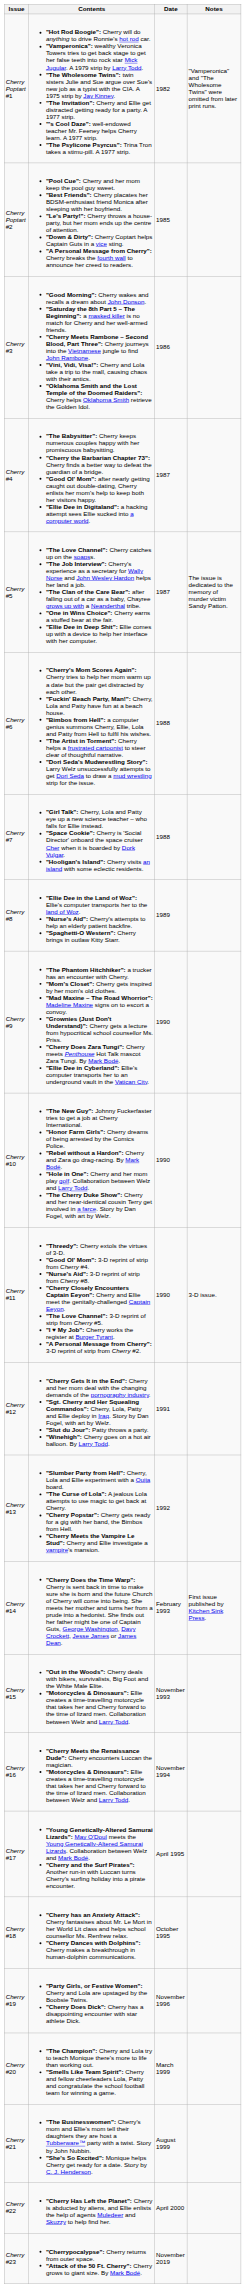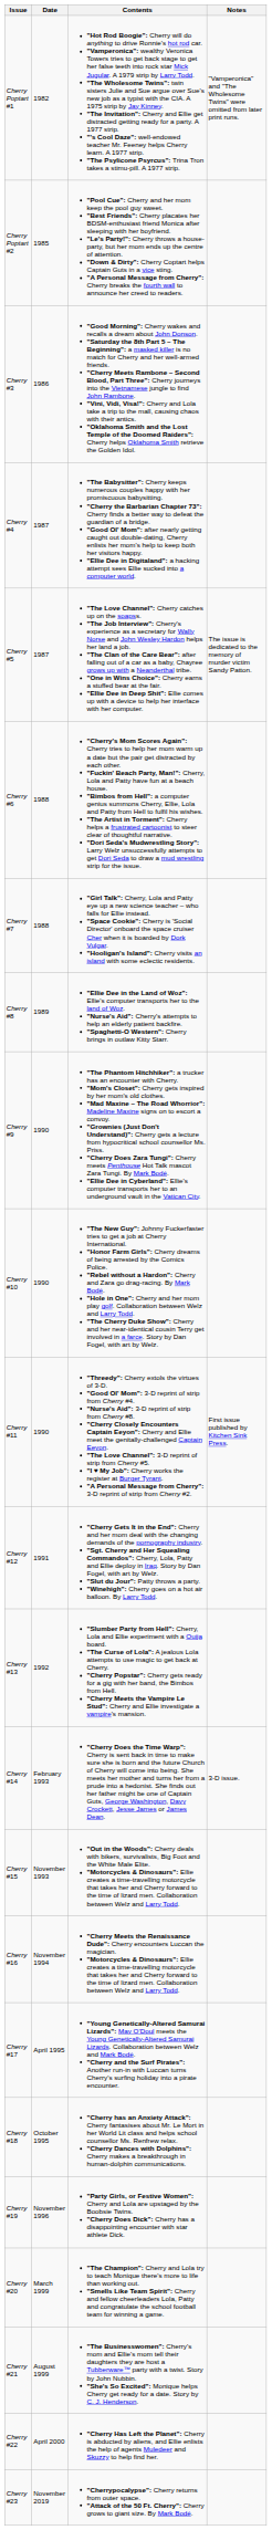 <table class="wikitable mw-collapsible mw-collapsed width="75%">
 <tr>
 <th>Issue</th>
+<th>Date</th>
 <th>Contents</th>
-<th>Date</th>
 <th>Notes</th>
 </tr>
 <tr>
 <td><em>Cherry Poptart</em> #1</td>
+<td>1982</td>
 <td><br><ul><li><strong>"Hot Rod Boogie":</strong> Cherry will do <em>anything</em> to drive Ronnie's <a href='#'>hot rod</a> car.</li><li><strong>"Vamperonica":</strong> wealthy Veronica Towers tries to get back stage to get her false teeth into rock star <a href='#'>Mick Jugular</a>. A 1979 strip by <a href='#'>Larry Todd</a>.</li><li><strong>"The Wholesome Twins":</strong> twin sisters Julie and Sue argue over Sue's new job as a typist with the CIA. A 1975 strip by <a href='#'>Jay Kinney</a>.</li><li><strong>"The Invitation":</strong> Cherry and Ellie get distracted getting ready for a party. A 1977 strip.</li><li><strong>"'s Cool Daze":</strong> well-endowed teacher Mr. Feeney helps Cherry learn. A 1977 strip.</li><li><strong>"The Psylicone Psyrcus":</strong> Trina Tron takes a stimu-pill. A 1977 strip.</li></ul></td>
-<td>1982</td>
 <td>"Vamperonica" and "The Wholesome Twins" were omitted from later print runs.</td>
 </tr>
 <tr>
 <td><em>Cherry Poptart</em> #2</td>
+<td>1985</td>
 <td><br><ul><li><strong>"Pool Cue":</strong> Cherry and her mom keep the pool guy sweet.</li><li><strong>"Best Friends":</strong> Cherry placates her BDSM-enthusiast friend Monica after sleeping with her boyfriend.</li><li><strong>"Le's Party!":</strong> Cherry throws a house-party, but her mom ends up the centre of attention.</li><li><strong>"Down & Dirty":</strong> Cherry Coptart helps Captain Guts in a <a href='#'>vice</a> sting.</li><li><strong>"A Personal Message from Cherry":</strong> Cherry breaks the <a href='#'>fourth wall</a> to announce her creed to readers.</li></ul></td>
-<td>1985</td>
 <td></td>
 </tr>
 <tr>
 <td><em>Cherry</em> #3</td>
+<td>1986</td>
 <td><br><ul><li><strong>"Good Morning":</strong> Cherry wakes and recalls a dream about <a href='#'>John Donson</a>.</li><li><strong>"Saturday the 8th Part 5 – The Beginning":</strong> a <a href='#'>masked killer</a> is no match for Cherry and her well-armed friends.</li><li><strong>"Cherry Meets Rambone – Second Blood, Part Three":</strong> Cherry journeys into the <a href='#'>Vietnamese</a> jungle to find <a href='#'>John Rambone</a>.</li><li><strong>"Vini, Vidi, Visa!":</strong> Cherry and Lola take a trip to the mall, causing chaos with their antics.</li><li><strong>"Oklahoma Smith and the Lost Temple of the Doomed Raiders":</strong> Cherry helps <a href='#'>Oklahoma Smith</a> retrieve the Golden Idol.</li></ul></td>
-<td>1986</td>
 <td></td>
 </tr>
 <tr>
 <td><em>Cherry</em> #4</td>
+<td>1987</td>
 <td><br><ul><li><strong>"The Babysitter":</strong> Cherry keeps numerous couples happy with her promiscuous babysitting.</li><li><strong>"Cherry the Barbarian Chapter 73":</strong> Cherry finds a better way to defeat the guardian of a bridge.</li><li><strong>"Good Ol' Mom":</strong> after nearly getting caught out double-dating, Cherry enlists her mom's help to keep both her visitors happy.</li><li><strong>"Ellie Dee in Digitaland":</strong> a hacking attempt sees Ellie sucked into <a href='#'>a computer world</a>.</li></ul></td>
-<td>1987</td>
 <td></td>
 </tr>
 <tr>
 <td><em>Cherry</em> #5</td>
+<td>1987</td>
 <td><br><ul><li><strong>"The Love Channel":</strong> Cherry catches up on the <a href='#'>soaps</a>s.</li><li><strong>"The Job Interview":</strong> Cherry's experience as a secretary for <a href='#'>Wally Norse</a> and <a href='#'>John Wesley Hardon</a> helps her land a job.</li><li><strong>"The Clan of the Care Bear":</strong> after falling out of a car as a baby, Chayree <a href='#'>grows up with</a> a <a href='#'>Neanderthal</a> tribe.</li><li><strong>"One in Wins Choice":</strong> Cherry earns a stuffed bear at the fair.</li><li><strong>"Ellie Dee in Deep Shit":</strong> Ellie comes up with a device to help her interface with her computer.</li></ul></td>
-<td>1987</td>
 <td>The issue is dedicated to the memory of murder victim Sandy Patton.</td>
 </tr>
 <tr>
 <td><em>Cherry</em> #6</td>
+<td>1988</td>
 <td><br><ul><li><strong>"Cherry's Mom Scores Again":</strong> Cherry tries to help her mom warm up a date but the pair get distracted by each other.</li><li><strong>"Fuckin' Beach Party, Man!":</strong> Cherry, Lola and Patty have fun at a beach house.</li><li><strong>"Bimbos from Hell":</strong> a computer genius summons Cherry, Ellie, Lola and Patty from Hell to fulfil his wishes.</li><li><strong>"The Artist in Torment":</strong> Cherry helps a <a href='#'>frustrated cartoonist</a> to steer clear of thoughtful narrative.</li><li><strong>"Dori Seda's Mudwrestling Story":</strong> Larry Welz unsuccessfully attempts to get <a href='#'>Dori Seda</a> to draw a <a href='#'>mud wrestling</a> strip for the issue.</li></ul></td>
-<td>1988</td>
 <td></td>
 </tr>
 <tr>
 <td><em>Cherry</em> #7</td>
+<td>1988</td>
 <td><br><ul><li><strong>"Girl Talk":</strong> Cherry, Lola and Patty eye up a new science teacher – who falls for Ellie instead.</li><li><strong>"Space Cookie":</strong> Cherry is 'Social Director' onboard the space cruiser <a href='#'>Cher</a> when it is boarded by <a href='#'>Dork Vulgar</a>.</li><li><strong>"Hooligan's Island":</strong> Cherry visits <a href='#'>an island</a> with some eclectic residents.</li></ul></td>
-<td>1988</td>
 <td></td>
 </tr>
 <tr>
 <td><em>Cherry</em> #8</td>
+<td>1989</td>
 <td><br><ul><li><strong>"Ellie Dee in the Land of Woz":</strong> Ellie's computer transports her to the <a href='#'>land of Woz</a>.</li><li><strong>"Nurse's Aid":</strong> Cherry's attempts to help an elderly patient backfire.</li><li><strong>"Spaghetti-O Western":</strong> Cherry brings in outlaw Kitty Starr.</li></ul></td>
-<td>1989</td>
 <td></td>
 </tr>
 <tr>
 <td><em>Cherry</em> #9</td>
+<td>1990</td>
 <td><br><ul><li><strong>"The Phantom Hitchhiker":</strong> a trucker has an encounter with Cherry.</li><li><strong>"Mom's Closet":</strong> Cherry gets inspired by her mom's old clothes.</li><li><strong>"Mad Maxine – The Road Whorrior":</strong> <a href='#'>Madeline Maxine</a> signs on to escort a convoy.</li><li><strong>"Grownies (Just Don't Understand)":</strong> Cherry gets a lecture from hypocritical school counsellor Ms. Priss.</li><li><strong>"Cherry Does Zara Tungi":</strong> Cherry meets <em><a href='#'>Penthouse</a></em> Hot Talk mascot Zara Tungi. By <a href='#'>Mark Bodé</a>.</li><li><strong>"Ellie Dee in Cyberland":</strong> Ellie's computer transports her to an underground vault in the <a href='#'>Vatican City</a>.</li></ul></td>
-<td>1990</td>
 <td></td>
 </tr>
 <tr>
 <td><em>Cherry</em> #10</td>
+<td>1990</td>
 <td><br><ul><li><strong>"The New Guy":</strong> Johnny Fuckerfaster tries to get a job at Cherry International.</li><li><strong>"Honor Farm Girls":</strong> Cherry dreams of being arrested by the Comics Police.</li><li><strong>"Rebel without a Hardon":</strong> Cherry and Zara go drag-racing. By <a href='#'>Mark Bodé</a>.</li><li><strong>"Hole in One":</strong> Cherry and her mom play <a href='#'>golf</a>. Collaboration between Welz and <a href='#'>Larry Todd</a>.</li><li><strong>"The Cherry Duke Show":</strong> Cherry and her near-identical cousin Terry get involved in <a href='#'>a farce</a>. Story by Dan Fogel, with art by Welz.</li></ul></td>
-<td>1990</td>
 <td></td>
 </tr>
 <tr>
 <td><em>Cherry</em> #11</td>
+<td>1990</td>
 <td><br><ul><li><strong>"Threedy":</strong> Cherry extols the virtues of 3-D.</li><li><strong>"Good Ol' Mom":</strong> 3-D reprint of strip from <em>Cherry</em> #4.</li><li><strong>"Nurse's Aid":</strong> 3-D reprint of strip from <em>Cherry</em> #8.</li><li><strong>"Cherry Closely Encounters Captain Eeyon":</strong> Cherry and Ellie meet the genitally-challenged <a href='#'>Captain Eeyon</a>.</li><li><strong>"The Love Channel":</strong> 3-D reprint of strip from <em>Cherry</em> #5.</li><li><strong>"I ♥ My Job":</strong> Cherry works the register at <a href='#'>Burger Tyrant</a>.</li><li><strong>"A Personal Message from Cherry":</strong> 3-D reprint of strip from <em>Cherry</em> #2.</li></ul></td>
-<td>1990</td>
-<td>3-D issue.</td>
+<td>First issue published by <a href='#'>Kitchen Sink Press</a>.</td>
 </tr>
 <tr>
 <td><em>Cherry</em> #12</td>
+<td>1991</td>
 <td><br><ul><li><strong>"Cherry Gets It in the End":</strong> Cherry and her mom deal with the changing demands of the <a href='#'>pornography industry</a>.</li><li><strong>"Sgt. Cherry and Her Squealing Commandos":</strong> Cherry, Lola, Patty and Ellie deploy in <a href='#'>Iraq</a>. Story by Dan Fogel, with art by Welz.</li><li><strong>"Slut du Jour":</strong> Patty throws a party.</li><li><strong>"Winehigh":</strong> Cherry goes on a hot air balloon. By <a href='#'>Larry Todd</a>.</li></ul></td>
-<td>1991</td>
 <td></td>
 </tr>
 <tr>
 <td><em>Cherry</em> #13</td>
+<td>1992</td>
 <td><br><ul><li><strong>"Slumber Party from Hell":</strong> Cherry, Lola and Ellie experiment with a <a href='#'>Ouija</a> board.</li><li><strong>"The Curse of Lola":</strong> A jealous Lola attempts to use magic to get back at Cherry.</li><li><strong>"Cherry Popstar":</strong> Cherry gets ready for a gig with her band, the Bimbos from Hell.</li><li><strong>"Cherry Meets the Vampire Le Stud":</strong> Cherry and Ellie investigate a <a href='#'>vampire</a>'s mansion.</li></ul></td>
-<td>1992</td>
 <td></td>
 </tr>
 <tr>
 <td><em>Cherry</em> #14</td>
+<td>February 1993</td>
 <td><br><ul><li><strong>"Cherry Does the Time Warp":</strong> Cherry is sent back in time to make sure she is born and the future Church of Cherry will come into being. She meets her mother and turns her from a prude into a hedonist. She finds out her father might be one of Captain Guts, <a href='#'>George Washington</a>, <a href='#'>Davy Crockett</a>, <a href='#'>Jesse James</a> or <a href='#'>James Dean</a>.</li></ul></td>
-<td>February 1993</td>
-<td>First issue published by <a href='#'>Kitchen Sink Press</a>.</td>
+<td>3-D issue.</td>
 </tr>
 <tr>
 <td><em>Cherry</em> #15</td>
+<td>November 1993</td>
 <td><br><ul><li><strong>"Out in the Woods":</strong> Cherry deals with bikers, survivalists, Big Foot and the White Male Elite.</li><li><strong>"Motorcycles & Dinosaurs":</strong> Ellie creates a time-travelling motorcycle that takes her and Cherry forward to the time of lizard men. Collaboration between Welz and <a href='#'>Larry Todd</a>.</li></ul></td>
-<td>November 1993</td>
 <td></td>
 </tr>
 <tr>
 <td><em>Cherry</em> #16</td>
+<td>November 1994</td>
 <td><br><ul><li><strong>"Cherry Meets the Renaissance Dude":</strong> Cherry encounters Luccan the magician.</li><li><strong>"Motorcycles & Dinosaurs":</strong> Ellie creates a time-travelling motorcycle that takes her and Cherry forward to the time of lizard men. Collaboration between Welz and <a href='#'>Larry Todd</a>.</li></ul></td>
-<td>November 1994</td>
 <td></td>
 </tr>
 <tr>
 <td><em>Cherry</em> #17</td>
+<td>April 1995</td>
 <td><br><ul><li><strong>"Young Genetically-Altered Samurai Lizards":</strong> <a href='#'>May O'Doul</a> meets the <a href='#'>Young Genetically-Altered Samurai Lizards</a>. Collaboration between Welz and <a href='#'>Mark Bodé</a>.</li><li><strong>"Cherry and the Surf Pirates":</strong> Another run-in with Luccan turns Cherry's surfing holiday into a pirate encounter.</li></ul></td>
-<td>April 1995</td>
 <td></td>
 </tr>
 <tr>
 <td><em>Cherry</em> #18</td>
+<td>October 1995</td>
 <td><br><ul><li><strong>"Cherry has an Anxiety Attack":</strong> Cherry fantasises about Mr. Le Mort in her World Lit class and helps school counsellor Ms. Renfrew relax.</li><li><strong>"Cherry Dances with Dolphins":</strong> Cherry makes a breakthrough in human-dolphin communications.</li></ul></td>
-<td>October 1995</td>
 <td></td>
 </tr>
 <tr>
 <td><em>Cherry</em> #19</td>
+<td>November 1996</td>
 <td><br><ul><li><strong>"Party Girls, or Festive Women":</strong> Cherry and Lola are upstaged by the Boobsie Twins.</li><li><strong>"Cherry Does Dick":</strong> Cherry has a disappointing encounter with star athlete Dick.</li></ul></td>
-<td>November 1996</td>
 <td></td>
 </tr>
 <tr>
 <td><em>Cherry</em> #20</td>
+<td>March 1999</td>
 <td><br><ul><li><strong>"The Champion":</strong> Cherry and Lola try to teach Monique there's more to life than working out.</li><li><strong>"Smells Like Team Spirit":</strong> Cherry and fellow cheerleaders Lola, Patty and congratulate the school football team for winning a game.</li></ul></td>
-<td>March 1999</td>
 <td First issue published by Cherry Comics.></td>
 </tr>
 <tr>
 <td><em>Cherry</em> #21</td>
+<td>August 1999</td>
 <td><br><ul><li><strong>"The Businesswomen":</strong> Cherry's mom and Ellie's mom tell their daughters they are host a <a href='#'>Tubberware™</a> party with a twist. Story by John Nubbin.</li><li><strong>"She's So Excited":</strong> Monique helps Cherry get ready for a date. Story by <a href='#'>C. J. Henderson</a>.</li></ul></td>
-<td>August 1999</td>
 <td></td>
 </tr>
 <tr>
 <td><em>Cherry</em> #22</td>
+<td>April 2000</td>
 <td><br><ul><li><strong>"Cherry Has Left the Planet":</strong> Cherry is abducted by aliens, and Ellie enlists the help of agents <a href='#'>Muledeer</a> and <a href='#'>Skuzzy</a> to help find her.</li></ul></td>
-<td>April 2000</td>
 <td></td>
 </tr>
 <tr>
 <td><em>Cherry</em> #23</td>
+<td>November 2019</td>
 <td><br><ul><li><strong>"Cherrypocalypse":</strong> Cherry returns from outer space.</li><li><strong>"Attack of the 50 Ft. Cherry":</strong> Cherry grows to giant size. By <a href='#'>Mark Bodé</a>.</li></ul></td>
-<td>November 2019</td>
 <td></td>
 </tr>
 </table>
